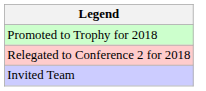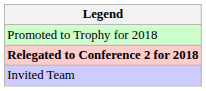 <table class="wikitable">
 <tr>
 <th>Legend</th>
 </tr>
 <tr bgcolor=ccffcc>
 <td>Promoted to Trophy for 2018</td>
 </tr>
 <tr bgcolor=ffcccc>
-<td>Relegated to Conference 2 for 2018</td>
+<td><strong>Relegated to Conference 2 for 2018</strong></td>
 </tr>
 <tr bgcolor=ccccff>
 <td>Invited Team</td>
 </tr>
 </table>
